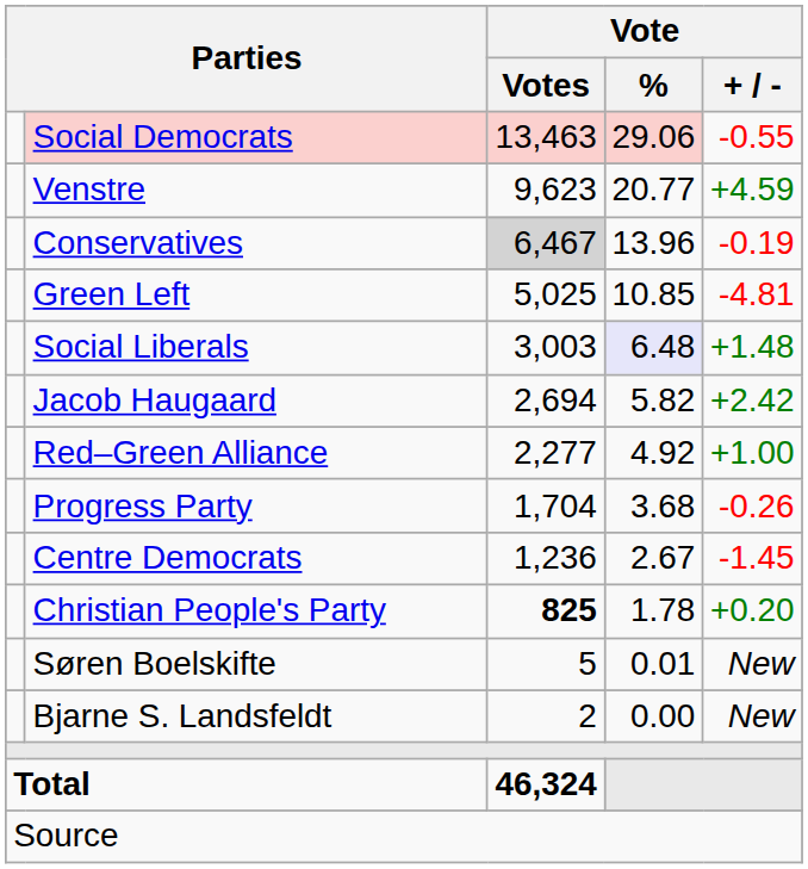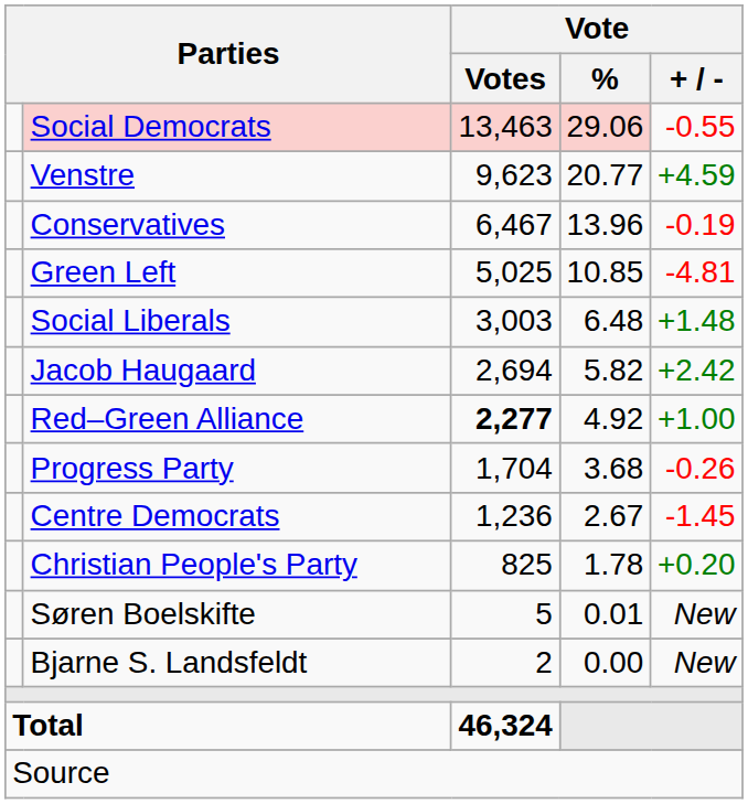 <table class="wikitable" style="text-align:right;">
 <tr>
 <th style="text-align:centre;" rowspan="2" colspan="2" width="225">Parties</th>
 <th colspan="3">Vote</th>
 </tr>
 <tr>
 <th width="15">Votes</th>
 <th width="15">%</th>
 <th width="15">+ / -</th>
 </tr>
 <tr>
 <td width="2" style="color:inherit;background:"></td>
 <td bgcolor=#fbd0ce  align="left"><a href='#'>Social Democrats</a></td>
 <td bgcolor=#fbd0ce>13,463</td>
 <td bgcolor=#fbd0ce>29.06</td>
 <td style=color:red;>-0.55</td>
 </tr>
 <tr>
 <td width="2" style="color:inherit;background:"></td>
 <td align="left"><a href='#'>Venstre</a></td>
 <td>9,623</td>
 <td>20.77</td>
 <td style=color:green;>+4.59</td>
 </tr>
 <tr>
 <td width="2" style="color:inherit;background:"></td>
 <td align="left"><a href='#'>Conservatives</a></td>
-<td style="background: lightgrey;">6,467</td>
+<td>6,467</td>
 <td>13.96</td>
 <td style=color:red;>-0.19</td>
 </tr>
 <tr>
 <td width="2" style="color:inherit;background:"></td>
 <td align="left"><a href='#'>Green Left</a></td>
 <td>5,025</td>
 <td>10.85</td>
 <td style=color:red;>-4.81</td>
 </tr>
 <tr>
 <td width="2" style="color:inherit;background:"></td>
 <td align="left"><a href='#'>Social Liberals</a></td>
 <td>3,003</td>
-<td style="background: lavender;">6.48</td>
+<td>6.48</td>
 <td style=color:green;>+1.48</td>
 </tr>
 <tr>
 <td width="2" style="color:inherit;background:"></td>
 <td align="left"><a href='#'>Jacob Haugaard</a></td>
 <td>2,694</td>
 <td>5.82</td>
 <td style=color:green;>+2.42</td>
 </tr>
 <tr>
 <td width="2" style="color:inherit;background:"></td>
 <td align="left"><a href='#'>Red–Green Alliance</a></td>
-<td>2,277</td>
+<td><strong>2,277</strong></td>
 <td>4.92</td>
 <td style=color:green;>+1.00</td>
 </tr>
 <tr>
 <td width="2" style="color:inherit;background:"></td>
 <td align="left"><a href='#'>Progress Party</a></td>
 <td>1,704</td>
 <td>3.68</td>
 <td style=color:red;>-0.26</td>
 </tr>
 <tr>
 <td width="2" style="color:inherit;background:"></td>
 <td align="left"><a href='#'>Centre Democrats</a></td>
 <td>1,236</td>
 <td>2.67</td>
 <td style=color:red;>-1.45</td>
 </tr>
 <tr>
 <td width="2" style="color:inherit;background:"></td>
 <td align="left"><a href='#'>Christian People's Party</a></td>
-<td><strong>825</strong></td>
+<td>825</td>
 <td>1.78</td>
 <td style=color:green;>+0.20</td>
 </tr>
 <tr>
 <td width="2" style="color:inherit;background:"></td>
 <td align="left">Søren Boelskifte</td>
 <td>5</td>
 <td>0.01</td>
 <td><em>New</em></td>
 </tr>
 <tr>
 <td width="2" style="color:inherit;background:"></td>
 <td align="left">Bjarne S. Landsfeldt</td>
 <td>2</td>
 <td>0.00</td>
 <td><em>New</em></td>
 </tr>
 <tr>
 <td colspan="7" bgcolor="#E9E9E9"></td>
 </tr>
 <tr>
 <td align="left" colspan="2"><strong>Total</strong></td>
 <td><strong>46,324</strong></td>
 <td bgcolor="#E9E9E9" colspan="2"></td>
 </tr>
 <tr>
 <td align="left" colspan="6">Source</td>
 </tr>
 </table>
